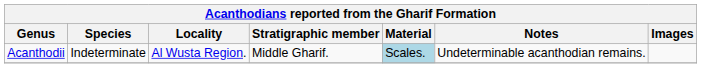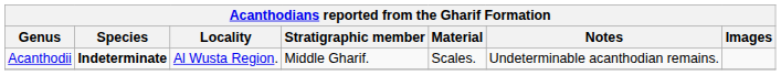 <table class="wikitable" align="center">
 <tr>
 <th colspan="7" align="center"><strong><a href='#'>Acanthodians</a> reported from the Gharif Formation</strong></th>
 </tr>
 <tr>
 <th>Genus</th>
 <th>Species</th>
 <th>Locality</th>
 <th><strong>Stratigraphic member</strong></th>
 <th><strong>Material</strong></th>
 <th>Notes</th>
 <th>Images</th>
 </tr>
 <tr>
 <td><a href='#'>Acanthodii</a></td>
-<td>Indeterminate</td>
+<td><strong>Indeterminate</strong></td>
 <td><a href='#'>Al Wusta Region</a>.</td>
 <td>Middle Gharif.</td>
-<td style="background: lightblue;">Scales.</td>
+<td>Scales.</td>
 <td>Undeterminable acanthodian remains.</td>
 <td></td>
 </tr>
 <tr>
 </tr>
 </table>
